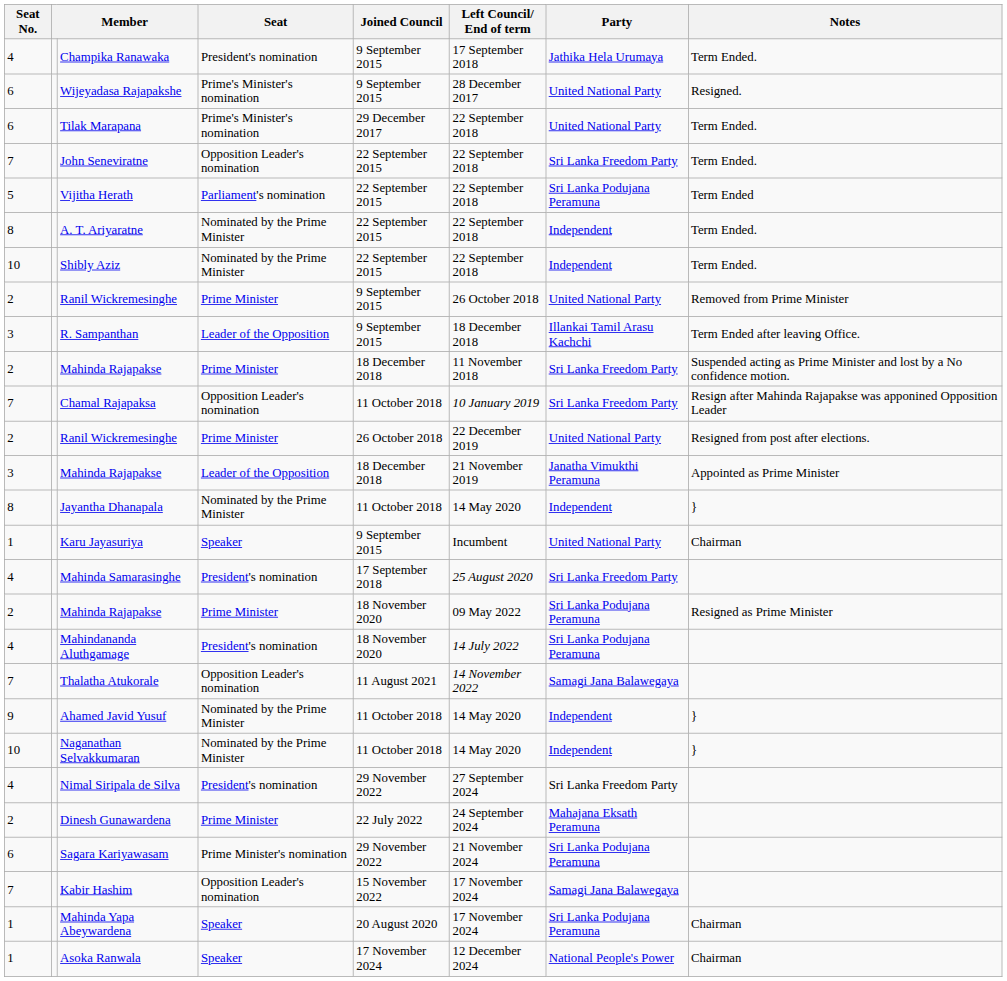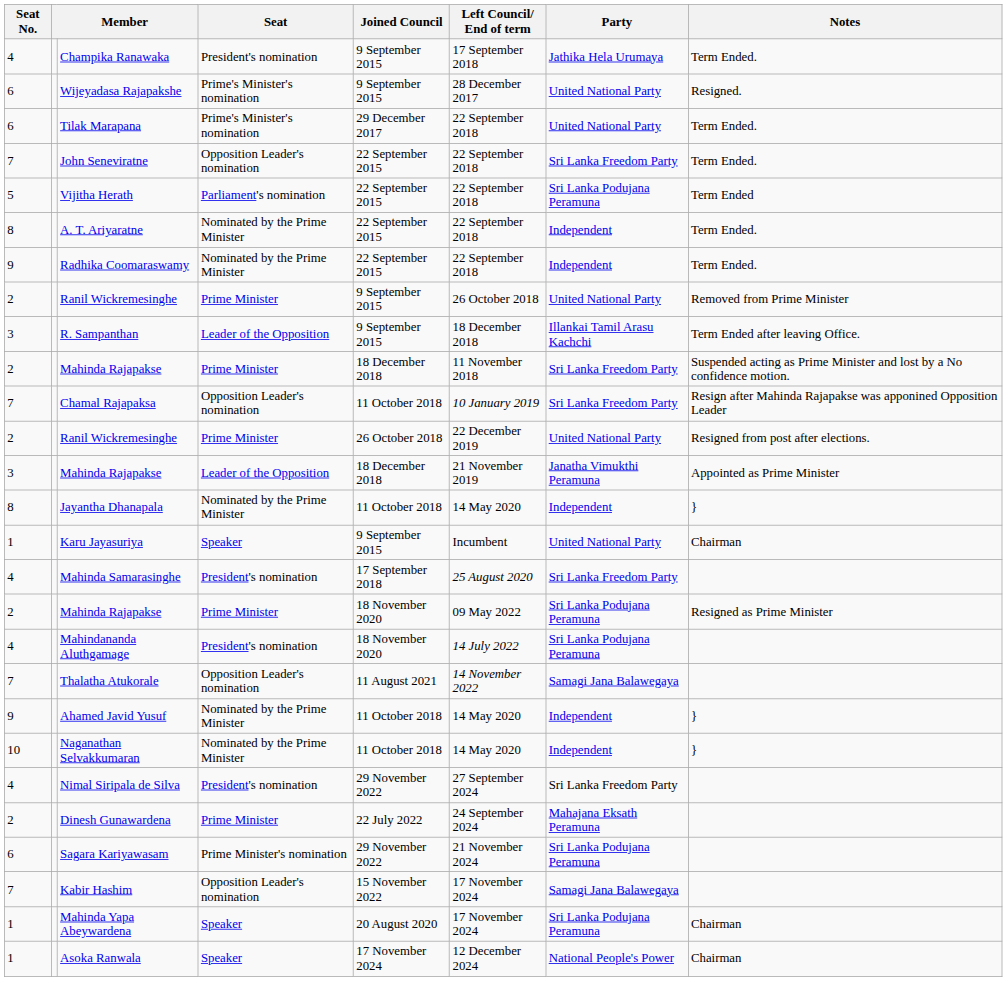 <table class="wikitable sortable">
 <tr>
 <th>Seat No.</th>
 <th colspan=2>Member</th>
 <th>Seat</th>
 <th>Joined Council</th>
 <th>Left Council/<br>End of term</th>
 <th>Party</th>
 <th>Notes</th>
 </tr>
 <tr>
 <td>4</td>
 <td style="background:"></td>
 <td><a href='#'>Champika Ranawaka</a></td>
 <td>President's nomination</td>
 <td>9 September 2015</td>
 <td>17 September 2018</td>
 <td><a href='#'>Jathika Hela Urumaya</a></td>
 <td>Term Ended.</td>
 </tr>
 <tr>
 <td>6</td>
 <td style="background:"></td>
 <td><a href='#'>Wijeyadasa Rajapakshe</a></td>
 <td>Prime's Minister's nomination</td>
 <td>9 September 2015</td>
 <td>28 December 2017</td>
 <td><a href='#'>United National Party</a></td>
 <td>Resigned.</td>
 </tr>
 <tr>
 <td>6</td>
 <td style="background:"></td>
 <td><a href='#'>Tilak Marapana</a></td>
 <td>Prime's Minister's nomination</td>
 <td>29 December 2017</td>
 <td>22 September 2018</td>
 <td><a href='#'>United National Party</a></td>
 <td>Term Ended.</td>
 </tr>
 <tr>
 <td>7</td>
 <td style="background:"></td>
 <td><a href='#'>John Seneviratne</a></td>
 <td>Opposition Leader's nomination</td>
 <td>22 September 2015</td>
 <td>22 September 2018</td>
 <td><a href='#'>Sri Lanka Freedom Party</a></td>
 <td>Term Ended.</td>
 </tr>
 <tr>
 <td>5</td>
 <td style="background:"></td>
 <td><a href='#'>Vijitha Herath</a></td>
 <td><a href='#'>Parliament</a>'s nomination</td>
 <td>22 September 2015</td>
 <td>22 September 2018</td>
 <td><a href='#'>Sri Lanka Podujana Peramuna</a></td>
 <td>Term Ended</td>
 </tr>
 <tr>
 <td>8</td>
 <td style="background:"></td>
 <td><a href='#'>A. T. Ariyaratne</a></td>
 <td>Nominated by the Prime Minister</td>
 <td>22 September 2015</td>
 <td>22 September 2018</td>
 <td><a href='#'>Independent</a></td>
 <td>Term Ended.</td>
 </tr>
 <tr>
-<td>10</td>
+<td>9</td>
 <td style="background:"></td>
-<td><a href='#'>Shibly Aziz</a></td>
+<td><a href='#'>Radhika Coomaraswamy</a></td>
 <td>Nominated by the Prime Minister</td>
 <td>22 September 2015</td>
 <td>22 September 2018</td>
 <td><a href='#'>Independent</a></td>
 <td>Term Ended.</td>
 </tr>
 <tr>
 <td>2</td>
 <td style="background:"></td>
 <td><a href='#'>Ranil Wickremesinghe</a></td>
 <td><a href='#'>Prime Minister</a></td>
 <td>9 September 2015</td>
 <td>26 October 2018</td>
 <td><a href='#'>United National Party</a></td>
 <td>Removed from Prime Minister </td>
 </tr>
 <tr>
 <td>3</td>
 <td style="background:"></td>
 <td><a href='#'>R. Sampanthan</a></td>
 <td><a href='#'>Leader of the Opposition</a></td>
 <td>9 September 2015</td>
 <td>18 December 2018</td>
 <td><a href='#'>Illankai Tamil Arasu Kachchi</a></td>
 <td>Term Ended after leaving Office.</td>
 </tr>
 <tr>
 <td>2</td>
 <td style="background:"></td>
 <td><a href='#'>Mahinda Rajapakse</a></td>
 <td><a href='#'>Prime Minister</a></td>
 <td>18 December 2018</td>
 <td>11 November 2018</td>
 <td><a href='#'>Sri Lanka Freedom Party</a></td>
 <td>Suspended acting as Prime Minister and lost by a No confidence motion.</td>
 </tr>
 <tr>
 <td>7</td>
 <td style="background:"></td>
 <td><a href='#'>Chamal Rajapaksa</a></td>
 <td>Opposition Leader's nomination</td>
 <td>11 October 2018</td>
 <td><em>10 January 2019</em></td>
 <td><a href='#'>Sri Lanka Freedom Party</a></td>
 <td>Resign after Mahinda Rajapakse was apponined Opposition Leader</td>
 </tr>
 <tr>
 <td>2</td>
 <td style="background:"></td>
 <td><a href='#'>Ranil Wickremesinghe</a></td>
 <td><a href='#'>Prime Minister</a></td>
 <td>26 October 2018</td>
 <td>22 December 2019</td>
 <td><a href='#'>United National Party</a></td>
 <td>Resigned from post after elections.</td>
 </tr>
 <tr>
 <td>3</td>
 <td style="background:"></td>
 <td><a href='#'>Mahinda Rajapakse</a></td>
 <td><a href='#'>Leader of the Opposition</a></td>
 <td>18 December 2018</td>
 <td>21 November 2019</td>
 <td><a href='#'>Janatha Vimukthi Peramuna</a></td>
 <td>Appointed as Prime Minister </td>
 </tr>
 <tr>
 <td>8</td>
 <td style="background:"></td>
 <td><a href='#'>Jayantha Dhanapala</a></td>
 <td>Nominated by the Prime Minister</td>
 <td>11 October 2018</td>
 <td>14 May 2020</td>
 <td><a href='#'>Independent</a></td>
 <td Resigned.>}</td>
 </tr>
 <tr>
 <td>1</td>
 <td style="background:"></td>
 <td><a href='#'>Karu Jayasuriya</a></td>
 <td><a href='#'>Speaker</a></td>
 <td>9 September 2015</td>
 <td>Incumbent</td>
 <td><a href='#'>United National Party</a></td>
 <td>Chairman</td>
 </tr>
 <tr>
 <td>4</td>
 <td style="background:"></td>
 <td><a href='#'>Mahinda Samarasinghe</a></td>
 <td><a href='#'>President</a>'s nomination</td>
 <td>17 September 2018</td>
 <td><em>25 August 2020</em></td>
 <td><a href='#'>Sri Lanka Freedom Party</a></td>
 <td></td>
 </tr>
 <tr>
 <td>2</td>
 <td style="background:"></td>
 <td><a href='#'>Mahinda Rajapakse</a></td>
 <td><a href='#'>Prime Minister</a></td>
 <td>18 November 2020</td>
 <td>09 May 2022</td>
 <td><a href='#'>Sri Lanka Podujana Peramuna</a></td>
 <td>Resigned as Prime Minister </td>
 </tr>
 <tr>
 <td>4</td>
 <td style="background:"></td>
 <td><a href='#'>Mahindananda Aluthgamage</a></td>
 <td><a href='#'>President</a>'s nomination</td>
 <td>18 November 2020</td>
 <td><em>14 July 2022</em></td>
 <td><a href='#'>Sri Lanka Podujana Peramuna</a></td>
 <td></td>
 </tr>
 <tr>
 <td>7</td>
 <td style="background:"></td>
 <td><a href='#'>Thalatha Atukorale</a></td>
 <td>Opposition Leader's nomination</td>
 <td>11 August 2021</td>
 <td><em>14 November 2022</em></td>
 <td><a href='#'>Samagi Jana Balawegaya</a></td>
 <td></td>
 </tr>
 <tr>
 <td>9</td>
 <td style="background:"></td>
 <td><a href='#'>Ahamed Javid Yusuf </a></td>
 <td>Nominated by the Prime Minister</td>
 <td>11 October 2018</td>
 <td>14 May 2020</td>
 <td><a href='#'>Independent</a></td>
 <td Removed under 20th amendment.>}</td>
 </tr>
 <tr>
 <td>10</td>
 <td style="background:"></td>
 <td><a href='#'>Naganathan Selvakkumaran</a></td>
 <td>Nominated by the Prime Minister</td>
 <td>11 October 2018</td>
 <td>14 May 2020</td>
 <td><a href='#'>Independent</a></td>
 <td Removed under 20th amendment .>}</td>
 </tr>
 <tr>
 <td>4</td>
 <td style="background:"></td>
 <td><a href='#'>Nimal Siripala de Silva</a></td>
 <td><a href='#'>President</a>'s nomination</td>
 <td>29 November 2022</td>
 <td>27 September 2024</td>
 <td>Sri Lanka Freedom Party</td>
 <td></td>
 </tr>
 <tr>
 <td>2</td>
 <td style="background:"></td>
 <td><a href='#'>Dinesh Gunawardena</a></td>
 <td><a href='#'>Prime Minister</a></td>
 <td>22 July 2022</td>
 <td>24 September 2024</td>
 <td><a href='#'>Mahajana Eksath Peramuna</a></td>
 <td></td>
 </tr>
 <tr>
 <td>6</td>
 <td style="background:"></td>
 <td><a href='#'>Sagara Kariyawasam</a></td>
 <td>Prime Minister's nomination</td>
 <td>29 November 2022</td>
 <td>21 November 2024</td>
 <td><a href='#'>Sri Lanka Podujana Peramuna</a></td>
 <td></td>
 </tr>
 <tr>
 <td>7</td>
 <td style="background:"></td>
 <td><a href='#'>Kabir Hashim</a></td>
 <td>Opposition Leader's nomination</td>
 <td>15 November 2022</td>
 <td>17 November 2024</td>
 <td><a href='#'>Samagi Jana Balawegaya</a></td>
 <td></td>
 </tr>
 <tr>
 <td>1</td>
 <td style="background:"></td>
 <td><a href='#'>Mahinda Yapa Abeywardena</a></td>
 <td><a href='#'>Speaker</a></td>
 <td>20 August 2020</td>
 <td>17 November 2024</td>
 <td><a href='#'>Sri Lanka Podujana Peramuna</a></td>
 <td>Chairman</td>
 </tr>
 <tr>
 <td>1</td>
 <td style="background:"></td>
 <td><a href='#'>Asoka Ranwala</a></td>
 <td><a href='#'>Speaker</a></td>
 <td>17 November 2024</td>
 <td>12 December 2024</td>
 <td><a href='#'>National People's Power</a></td>
 <td>Chairman</td>
 </tr>
 </table>
